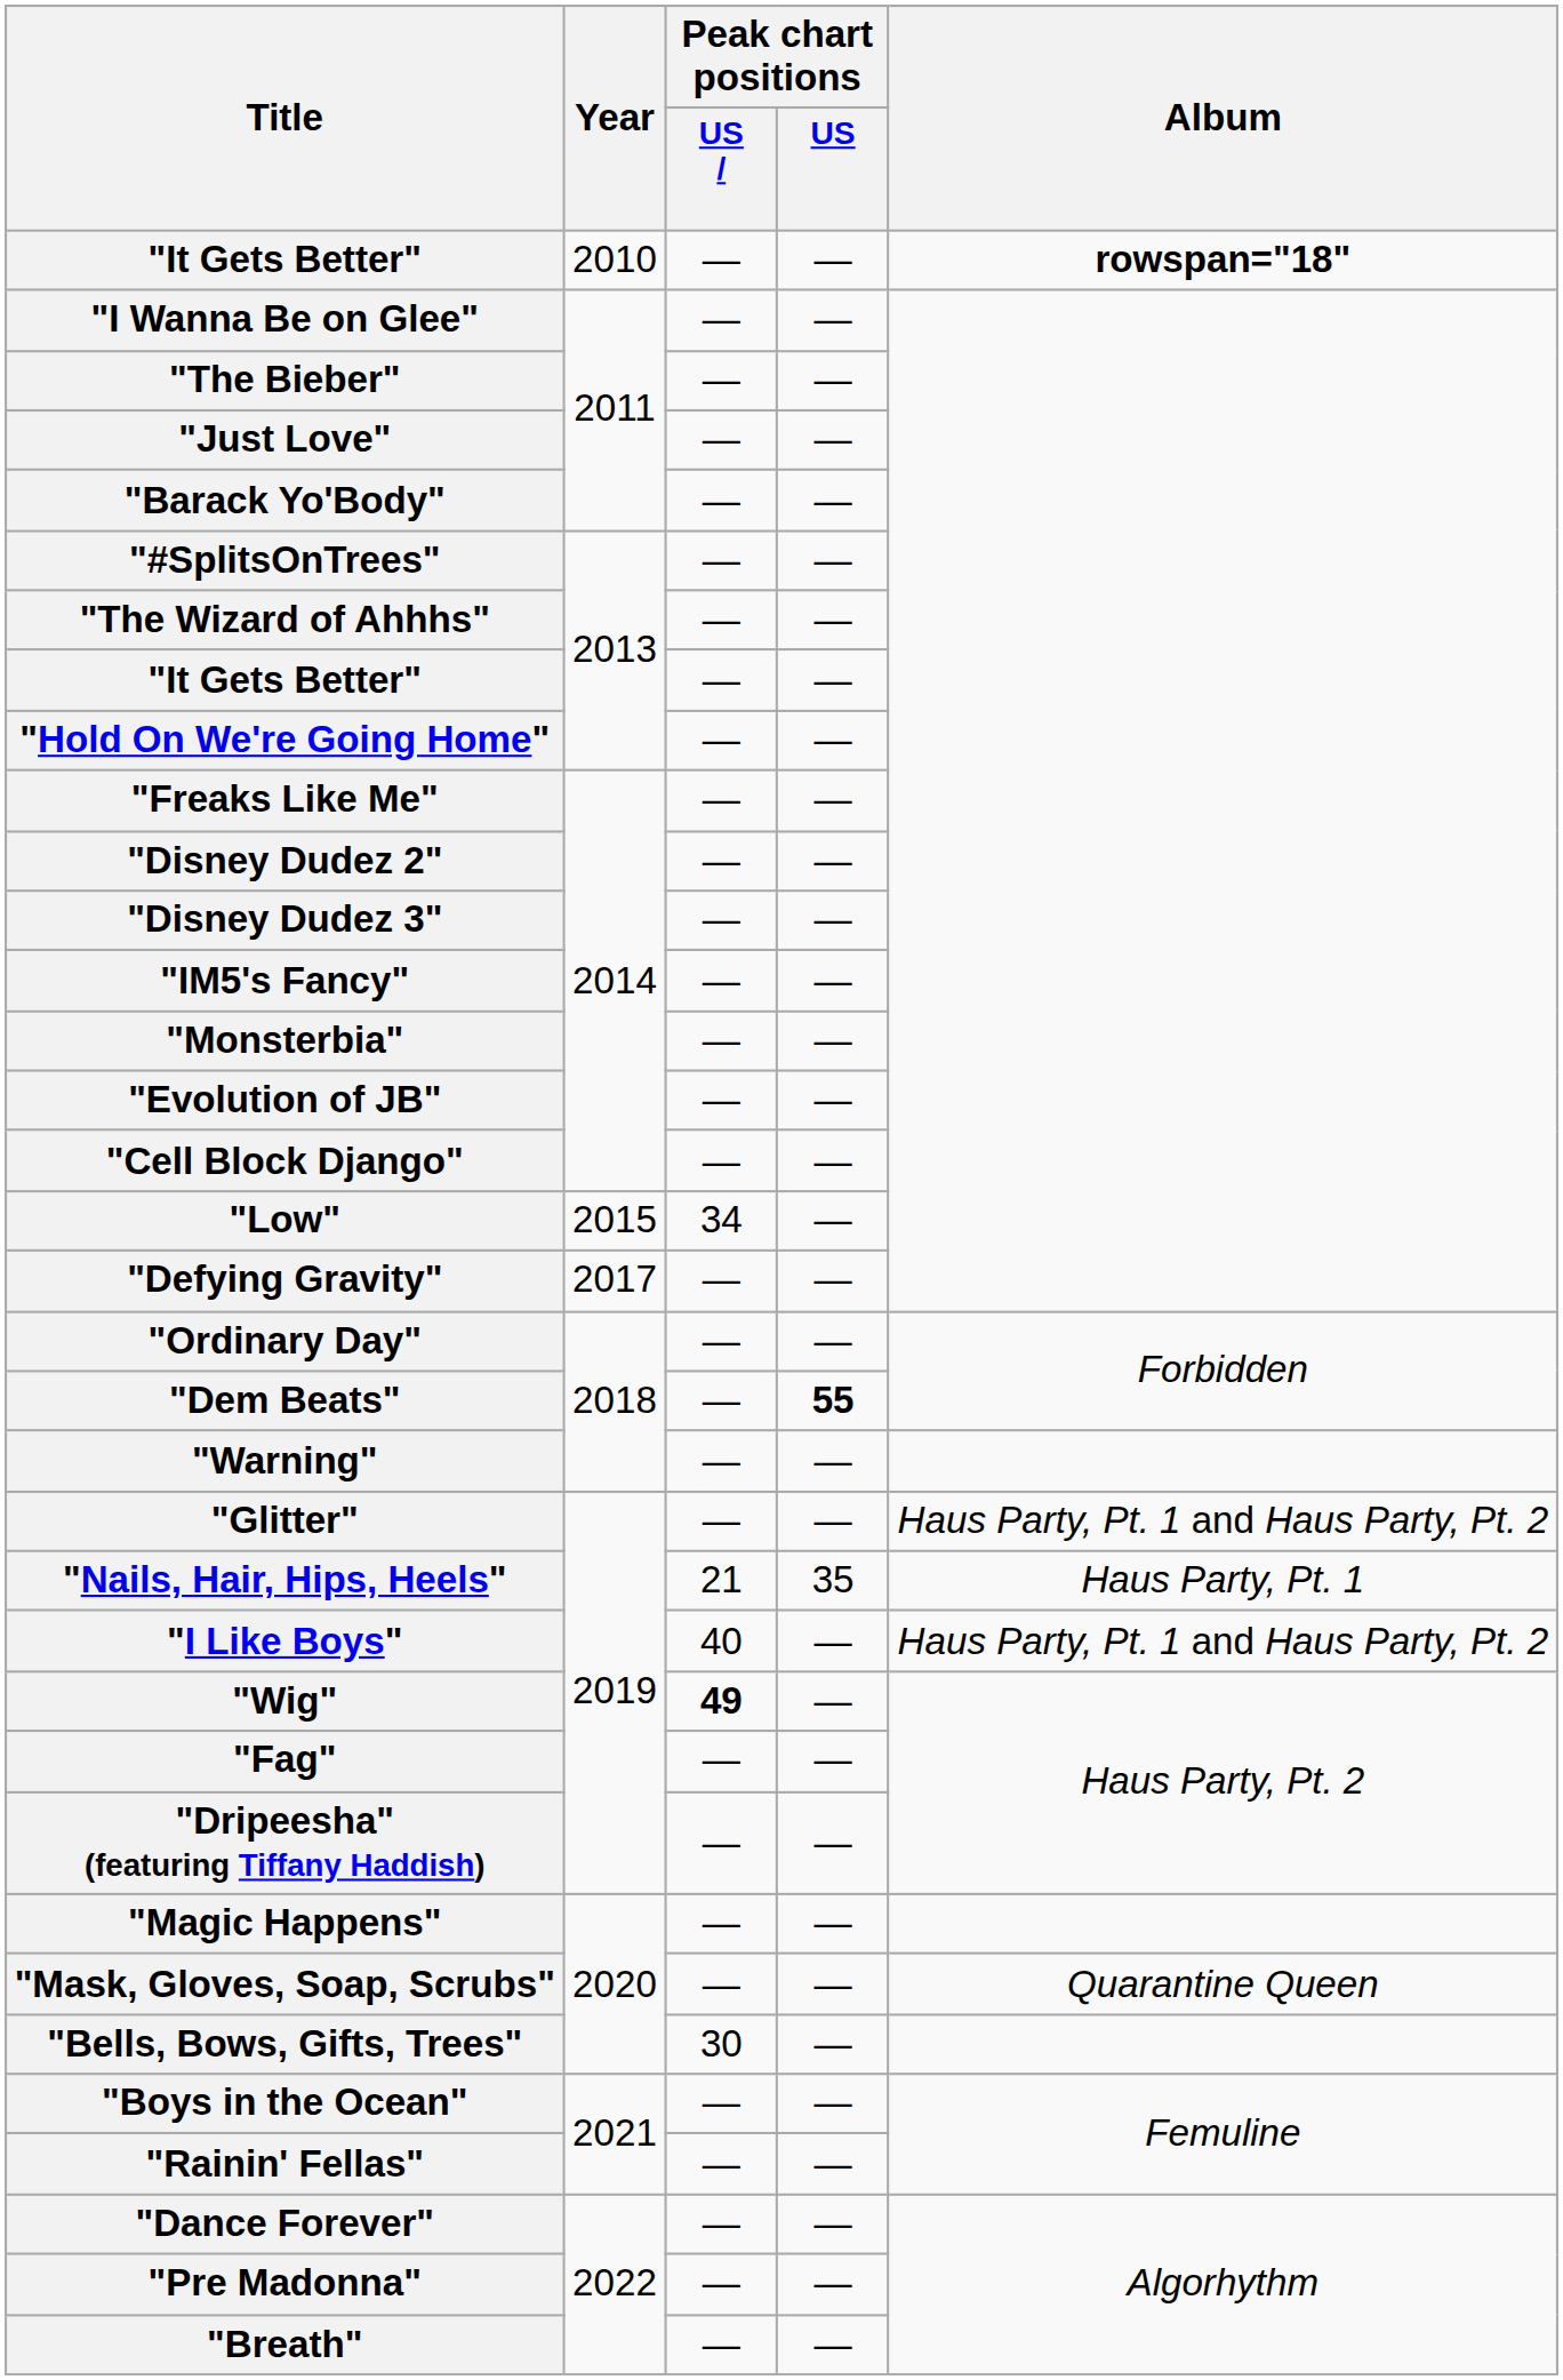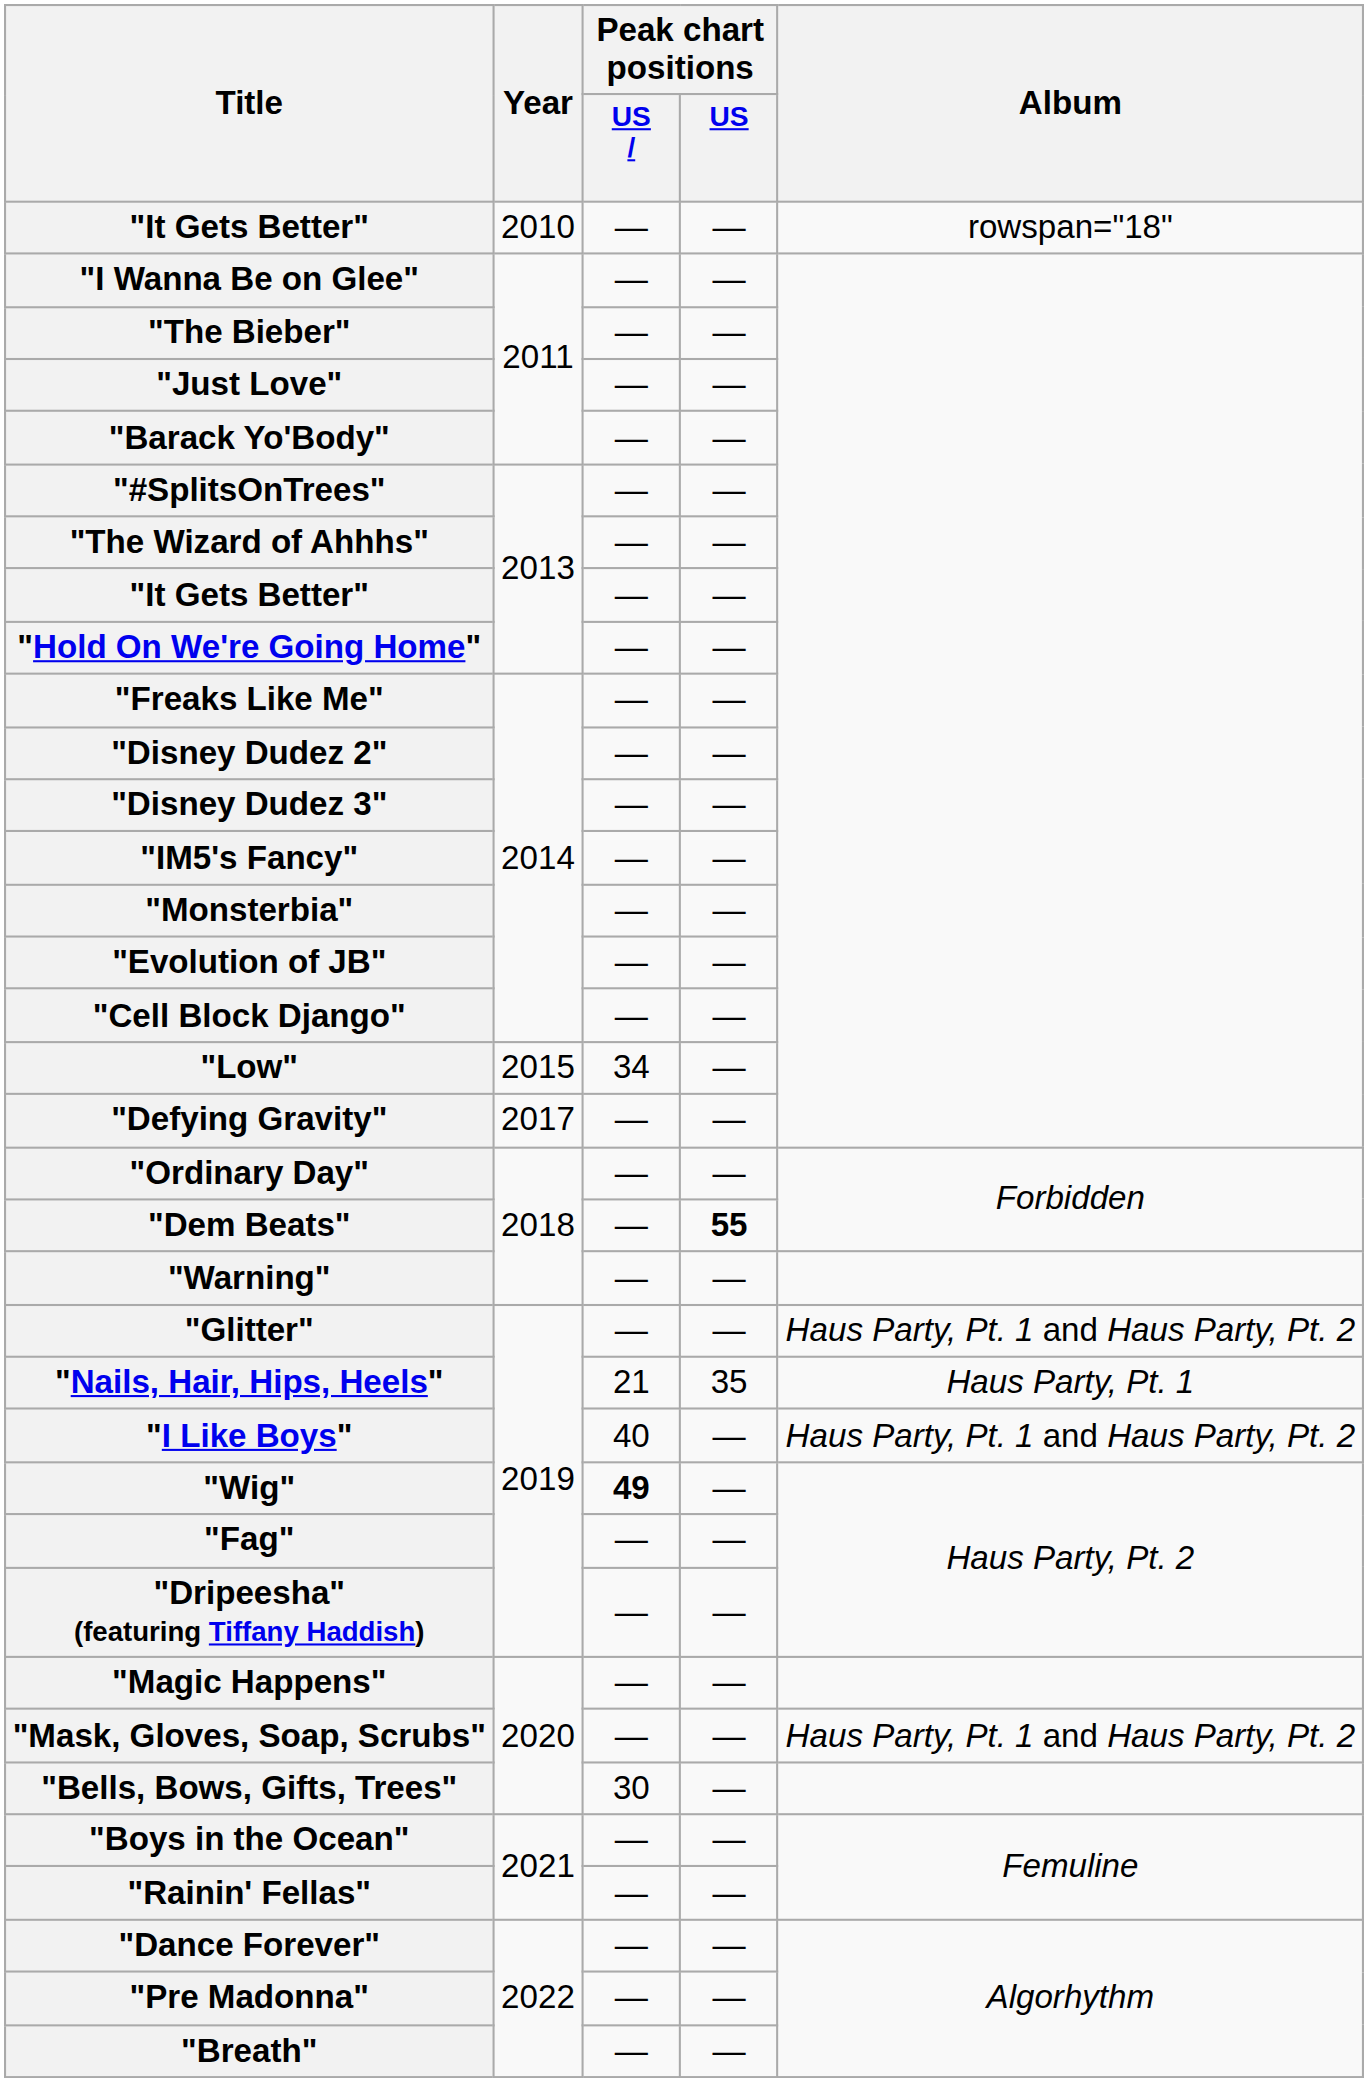 <table class="wikitable plainrowheaders" style="text-align:center;" border="1">
 <tr>
 <th rowspan="2">Title</th>
 <th rowspan="2">Year</th>
 <th colspan="2">Peak chart positions</th>
 <th rowspan="2">Album</th>
 </tr>
 <tr>
 <th scope="col" style="width:3em;font-size:85%;"><a href='#'>US<br>/<br></a><br></th>
 <th scope="col" style="width:3em;font-size:85%;"><a href='#'>US<br><br></a><br></th>
 </tr>
 <tr>
 <th scope="row">"It Gets Better"</th>
 <td>2010</td>
 <td>—</td>
 <td>—</td>
-<td><strong>rowspan="18" </strong></td>
+<td>rowspan="18" </td>
 </tr>
 <tr>
 <th scope="row">"I Wanna Be on Glee"</th>
 <td rowspan="4">2011</td>
 <td>—</td>
 <td>—</td>
 </tr>
 <tr>
 <th scope="row">"The Bieber"</th>
 <td>—</td>
 <td>—</td>
 </tr>
 <tr>
 <th scope="row">"Just Love"</th>
 <td>—</td>
 <td>—</td>
 </tr>
 <tr>
 <th scope="row">"Barack Yo'Body"</th>
 <td>—</td>
 <td>—</td>
 </tr>
 <tr>
 <th scope="row">"#SplitsOnTrees" <br></th>
 <td rowspan="4">2013</td>
 <td>—</td>
 <td>—</td>
 </tr>
 <tr>
 <th scope="row">"The Wizard of Ahhhs"<br></th>
 <td>—</td>
 <td>—</td>
 </tr>
 <tr>
 <th scope="row">"It Gets Better" </th>
 <td>—</td>
 <td>—</td>
 </tr>
 <tr>
 <th scope="row">"<a href='#'>Hold On We're Going Home</a>"<br></th>
 <td>—</td>
 <td>—</td>
 </tr>
 <tr>
 <th scope="row">"Freaks Like Me"<br></th>
 <td rowspan="7">2014</td>
 <td>—</td>
 <td>—</td>
 </tr>
 <tr>
 <th scope="row">"Disney Dudez 2"<br></th>
 <td>—</td>
 <td>—</td>
 </tr>
 <tr>
 <th scope="row">"Disney Dudez 3"<br></th>
 <td>—</td>
 <td>—</td>
 </tr>
 <tr>
 <th scope="row">"IM5's Fancy"<br></th>
 <td>—</td>
 <td>—</td>
 </tr>
 <tr>
 <th scope="row">"Monsterbia"<br></th>
 <td>—</td>
 <td>—</td>
 </tr>
 <tr>
 <th scope="row">"Evolution of JB"<br></th>
 <td>—</td>
 <td>—</td>
 </tr>
 <tr>
 <th scope="row">"Cell Block Django"</th>
 <td>—</td>
 <td>—</td>
 </tr>
 <tr>
 <th scope="row">"Low"<br></th>
 <td>2015</td>
 <td>34</td>
 <td>—</td>
 </tr>
 <tr>
 <th scope="row">"Defying Gravity"</th>
 <td>2017</td>
 <td>—</td>
 <td>—</td>
 </tr>
 <tr>
 <th scope="row">"Ordinary Day"<br></th>
 <td rowspan="3">2018</td>
 <td>—</td>
 <td>—</td>
 <td rowspan="2"><em>Forbidden</em></td>
 </tr>
 <tr>
 <th scope="row">"Dem Beats"<br></th>
 <td>—</td>
 <td><strong>55</strong></td>
 </tr>
 <tr>
 <th scope="row">"Warning"</th>
 <td>—</td>
 <td>—</td>
 <td></td>
 </tr>
 <tr>
 <th scope="row">"Glitter"</th>
 <td rowspan="6">2019</td>
 <td>—</td>
 <td>—</td>
 <td><em>Haus Party, Pt. 1</em> and <em>Haus Party, Pt. 2</em></td>
 </tr>
 <tr>
 <th scope="row">"<a href='#'>Nails, Hair, Hips, Heels</a>"<br></th>
 <td>21</td>
 <td>35</td>
 <td><em>Haus Party, Pt. 1</em></td>
 </tr>
 <tr>
 <th scope="row">"<a href='#'>I Like Boys</a>"</th>
 <td>40</td>
 <td>—</td>
 <td><em>Haus Party, Pt. 1</em> and <em>Haus Party, Pt. 2</em></td>
 </tr>
 <tr>
 <th scope="row">"Wig"</th>
 <td><strong>49</strong></td>
 <td>—</td>
 <td rowspan="3"><em>Haus Party, Pt. 2</em></td>
 </tr>
 <tr>
 <th scope="row">"Fag"</th>
 <td>—</td>
 <td>—</td>
 </tr>
 <tr>
 <th scope="row">"Dripeesha"<br><small>(featuring <a href='#'>Tiffany Haddish</a>)</small></th>
 <td>—</td>
 <td>—</td>
 </tr>
 <tr>
 <th scope="row">"Magic Happens"</th>
 <td rowspan="3">2020</td>
 <td>—</td>
 <td>—</td>
 <td></td>
 </tr>
 <tr>
 <th scope="row">"Mask, Gloves, Soap, Scrubs"</th>
 <td>—</td>
 <td>—</td>
-<td><em>Quarantine Queen</em></td>
+<td><em>Haus Party, Pt. 1</em> and <em>Haus Party, Pt. 2</em></td>
 </tr>
 <tr>
 <th scope="row">"Bells, Bows, Gifts, Trees"</th>
 <td>30</td>
 <td>—</td>
 <td></td>
 </tr>
 <tr>
 <th scope="row">"Boys in the Ocean"</th>
 <td rowspan="2">2021</td>
 <td>—</td>
 <td>—</td>
 <td rowspan="2"><em>Femuline</em></td>
 </tr>
 <tr>
 <th scope="row">"Rainin' Fellas"</th>
 <td>—</td>
 <td>—</td>
 </tr>
 <tr>
 <th scope="row">"Dance Forever"</th>
 <td rowspan="3">2022</td>
 <td>—</td>
 <td>—</td>
 <td rowspan="3"><em>Algorhythm</em></td>
 </tr>
 <tr>
 <th scope="row">"Pre Madonna"</th>
 <td>—</td>
 <td>—</td>
 </tr>
 <tr>
 <th scope="row">"Breath"</th>
 <td>—</td>
 <td>—</td>
 </tr>
 </table>
